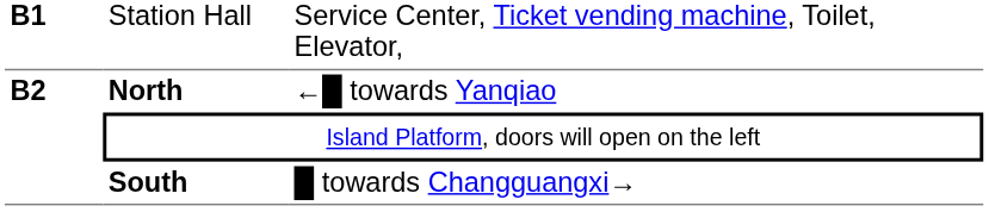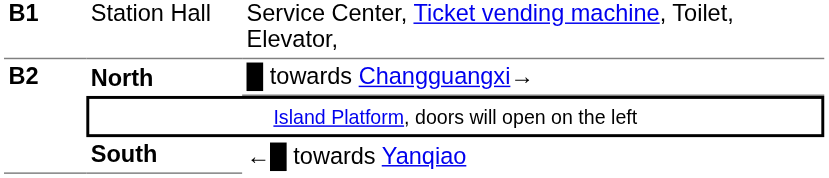 <table table border=0 cellspacing=0 cellpadding=3>
 <tr>
 <td style="border-bottom:solid 1px gray;border-top:solid 0px gray;" width=50 valign=top><strong>B1</strong></td>
 <td style="border-top:solid 0px gray;border-bottom:solid 1px gray;" width=100 valign=top>Station Hall</td>
 <td style="border-top:solid 0px gray;border-bottom:solid 1px gray;" width=390 valign=top>Service Center, <a href='#'>Ticket vending machine</a>, Toilet, Elevator,</td>
 </tr>
 <tr>
 <td style="border-top:solid 0px gray;border-bottom:solid 1px gray;" width=50 rowspan=3 valign=top><strong>B2</strong></td>
 <td style="border-top:solid 0px gray;" width=100><strong>North</strong></td>
-<td style="border-top:solid 0px gray;" width=390>←<span>█</span>  towards <a href='#'>Yanqiao</a></td>
+<td style="border-bottom:solid 1px gray;"><span>█</span> towards <a href='#'>Changguangxi</a>→</td>
 </tr>
 <tr>
 <td style="border-top:solid 2px black;border-right:solid 2px black;border-left:solid 2px black;border-bottom:solid 2px black;text-align:center;" colspan=2><small><a href='#'>Island Platform</a>, doors will open on the left</small></td>
 </tr>
 <tr>
 <td style="border-bottom:solid 1px gray;"><strong>South</strong></td>
-<td style="border-bottom:solid 1px gray;"><span>█</span> towards <a href='#'>Changguangxi</a>→</td>
+<td style="border-top:solid 0px gray;" width=390>←<span>█</span>  towards <a href='#'>Yanqiao</a></td>
 </tr>
 </table>
